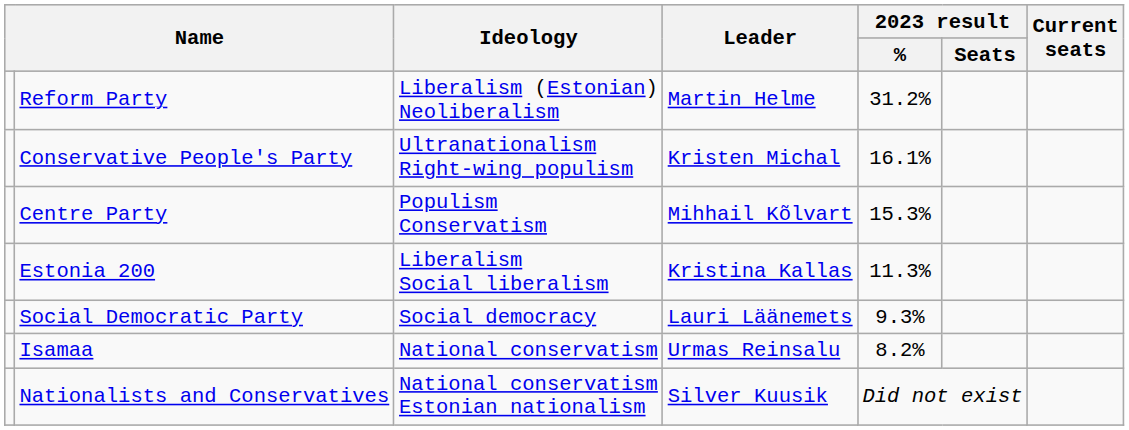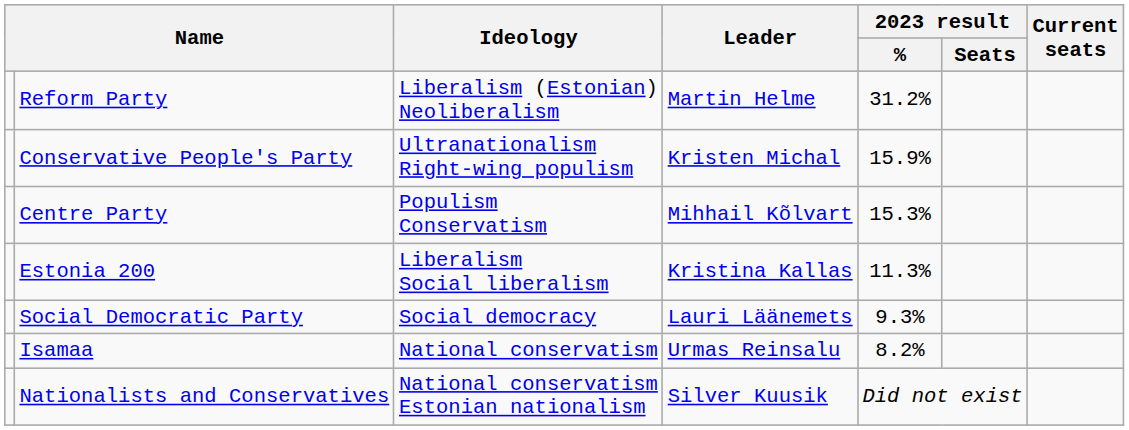 <table class="wikitable">
 <tr>
 <th rowspan="2" colspan="2">Name</th>
 <th rowspan="2">Ideology</th>
 <th rowspan="2">Leader</th>
 <th colspan="2">2023 result</th>
 <th rowspan="2">Current<br>seats</th>
 </tr>
 <tr>
 <th>%</th>
 <th>Seats</th>
 </tr>
 <tr>
 <td style="color:inherit;background:"></td>
 <td><a href='#'>Reform Party</a><br></td>
 <td><a href='#'>Liberalism</a> (<a href='#'>Estonian</a>)<br><a href='#'>Neoliberalism</a></td>
 <td><a href='#'>Martin Helme</a></td>
 <td style="text-align:center;">31.2%</td>
 <td></td>
 <td></td>
 </tr>
 <tr>
 <td style="color:inherit;background:"></td>
 <td><a href='#'>Conservative People's Party</a><br></td>
 <td><a href='#'>Ultranationalism</a><br><a href='#'>Right-wing populism</a></td>
 <td><a href='#'>Kristen Michal</a></td>
-<td style="text-align:center;">16.1%</td>
+<td style="text-align:center;">15.9%</td>
 <td></td>
 <td></td>
 </tr>
 <tr>
 <td style="color:inherit;background:"></td>
 <td><a href='#'>Centre Party</a><br></td>
 <td><a href='#'>Populism</a><br><a href='#'>Conservatism</a></td>
 <td><a href='#'>Mihhail Kõlvart</a></td>
 <td style="text-align:center;">15.3%</td>
 <td></td>
 <td></td>
 </tr>
 <tr>
 <td style="color:inherit;background:"></td>
 <td><a href='#'>Estonia 200</a><br></td>
 <td><a href='#'>Liberalism</a><br><a href='#'>Social liberalism</a></td>
 <td><a href='#'>Kristina Kallas</a></td>
 <td style="text-align:center;">11.3%</td>
 <td></td>
 <td></td>
 </tr>
 <tr>
 <td style="color:inherit;background:"></td>
 <td><a href='#'>Social Democratic Party</a><br></td>
 <td><a href='#'>Social democracy</a></td>
 <td><a href='#'>Lauri Läänemets</a></td>
 <td style="text-align:center;">9.3%</td>
 <td></td>
 <td></td>
 </tr>
 <tr>
 <td style="color:inherit;background:"></td>
 <td><a href='#'>Isamaa</a></td>
 <td><a href='#'>National conservatism</a></td>
 <td><a href='#'>Urmas Reinsalu</a></td>
 <td style="text-align:center;">8.2%</td>
 <td></td>
 <td></td>
 </tr>
 <tr>
 <td style="color:inherit;background:"></td>
 <td><a href='#'>Nationalists and Conservatives</a><br></td>
 <td><a href='#'>National conservatism</a><br><a href='#'>Estonian nationalism</a></td>
 <td><a href='#'>Silver Kuusik</a></td>
 <td colspan="2"><em>Did not exist</em></td>
 <td></td>
 </tr>
 </table>
